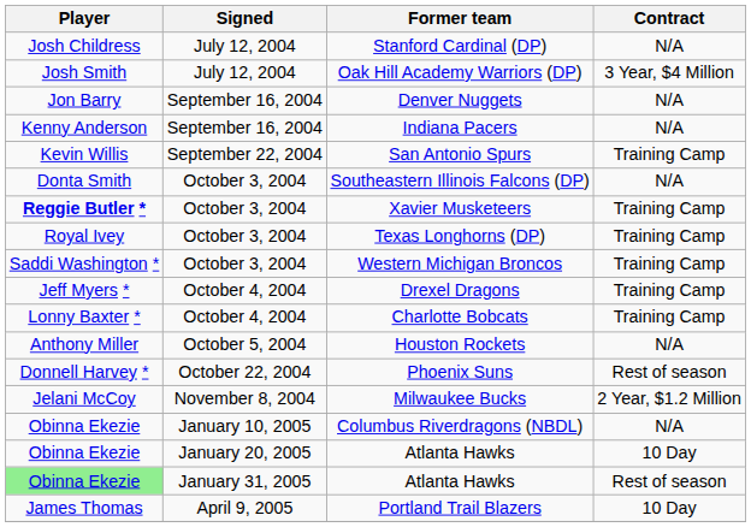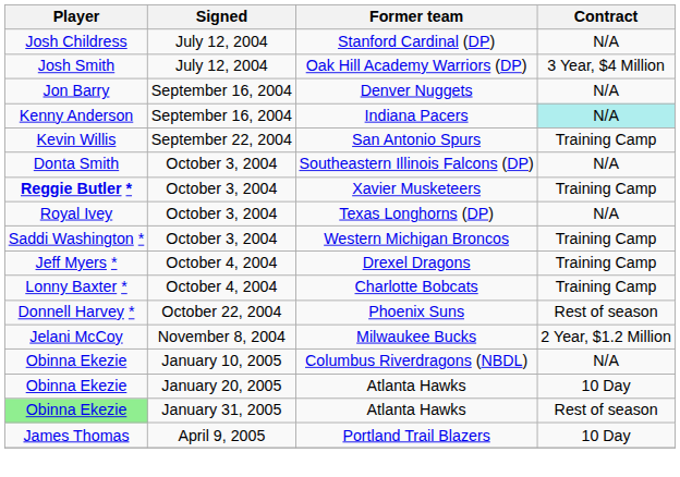 <table class="wikitable sortable sortable" style="text-align: center">
 <tr>
 <th>Player</th>
 <th>Signed</th>
 <th>Former team</th>
 <th>Contract</th>
 </tr>
 <tr>
 <td><a href='#'>Josh Childress</a></td>
 <td>July 12, 2004</td>
 <td><a href='#'>Stanford Cardinal</a> (<a href='#'>DP</a>)</td>
 <td>N/A</td>
 </tr>
 <tr>
 <td><a href='#'>Josh Smith</a></td>
 <td>July 12, 2004</td>
 <td><a href='#'>Oak Hill Academy Warriors</a> (<a href='#'>DP</a>)</td>
 <td>3 Year, $4 Million</td>
 </tr>
 <tr>
 <td><a href='#'>Jon Barry</a></td>
 <td>September 16, 2004</td>
 <td><a href='#'>Denver Nuggets</a></td>
 <td>N/A</td>
 </tr>
 <tr>
 <td><a href='#'>Kenny Anderson</a></td>
 <td>September 16, 2004</td>
 <td><a href='#'>Indiana Pacers</a></td>
-<td>N/A</td>
+<td style="background: paleturquoise;">N/A</td>
 </tr>
 <tr>
 <td><a href='#'>Kevin Willis</a></td>
 <td>September 22, 2004</td>
 <td><a href='#'>San Antonio Spurs</a></td>
 <td>Training Camp</td>
 </tr>
 <tr>
 <td><a href='#'>Donta Smith</a></td>
 <td>October 3, 2004</td>
 <td><a href='#'>Southeastern Illinois Falcons</a> (<a href='#'>DP</a>)</td>
 <td>N/A</td>
 </tr>
 <tr>
 <td><strong><a href='#'>Reggie Butler</a> <a href='#'>*</a></strong></td>
 <td>October 3, 2004</td>
 <td><a href='#'>Xavier Musketeers</a></td>
 <td>Training Camp</td>
 </tr>
 <tr>
 <td><a href='#'>Royal Ivey</a></td>
 <td>October 3, 2004</td>
 <td><a href='#'>Texas Longhorns</a> (<a href='#'>DP</a>)</td>
-<td>Training Camp</td>
+<td>N/A</td>
 </tr>
 <tr>
 <td><a href='#'>Saddi Washington</a> <a href='#'>*</a></td>
 <td>October 3, 2004</td>
 <td><a href='#'>Western Michigan Broncos</a></td>
 <td>Training Camp</td>
 </tr>
 <tr>
 <td><a href='#'>Jeff Myers</a> <a href='#'>*</a></td>
 <td>October 4, 2004</td>
 <td><a href='#'>Drexel Dragons</a></td>
 <td>Training Camp</td>
 </tr>
 <tr>
 <td><a href='#'>Lonny Baxter</a> <a href='#'>*</a></td>
 <td>October 4, 2004</td>
 <td><a href='#'>Charlotte Bobcats</a></td>
 <td>Training Camp</td>
-</tr>
-<tr>
-<td><a href='#'>Anthony Miller</a></td>
-<td>October 5, 2004</td>
-<td><a href='#'>Houston Rockets</a></td>
-<td>N/A</td>
 </tr>
 <tr>
 <td><a href='#'>Donnell Harvey</a> <a href='#'>*</a></td>
 <td>October 22, 2004</td>
 <td><a href='#'>Phoenix Suns</a></td>
 <td>Rest of season</td>
 </tr>
 <tr>
 <td><a href='#'>Jelani McCoy</a></td>
 <td>November 8, 2004</td>
 <td><a href='#'>Milwaukee Bucks</a></td>
 <td>2 Year, $1.2 Million</td>
 </tr>
 <tr>
 <td><a href='#'>Obinna Ekezie</a></td>
 <td>January 10, 2005</td>
 <td><a href='#'>Columbus Riverdragons</a> (<a href='#'>NBDL</a>)</td>
 <td>N/A</td>
 </tr>
 <tr>
 <td><a href='#'>Obinna Ekezie</a></td>
 <td>January 20, 2005</td>
 <td>Atlanta Hawks</td>
 <td>10 Day</td>
 </tr>
 <tr>
 <td style="background: lightgreen;"><a href='#'>Obinna Ekezie</a></td>
 <td>January 31, 2005</td>
 <td>Atlanta Hawks</td>
 <td>Rest of season</td>
 </tr>
 <tr>
 <td><a href='#'>James Thomas</a></td>
 <td>April 9, 2005</td>
 <td><a href='#'>Portland Trail Blazers</a></td>
 <td>10 Day</td>
 </tr>
 <tr>
 </tr>
 </table>
